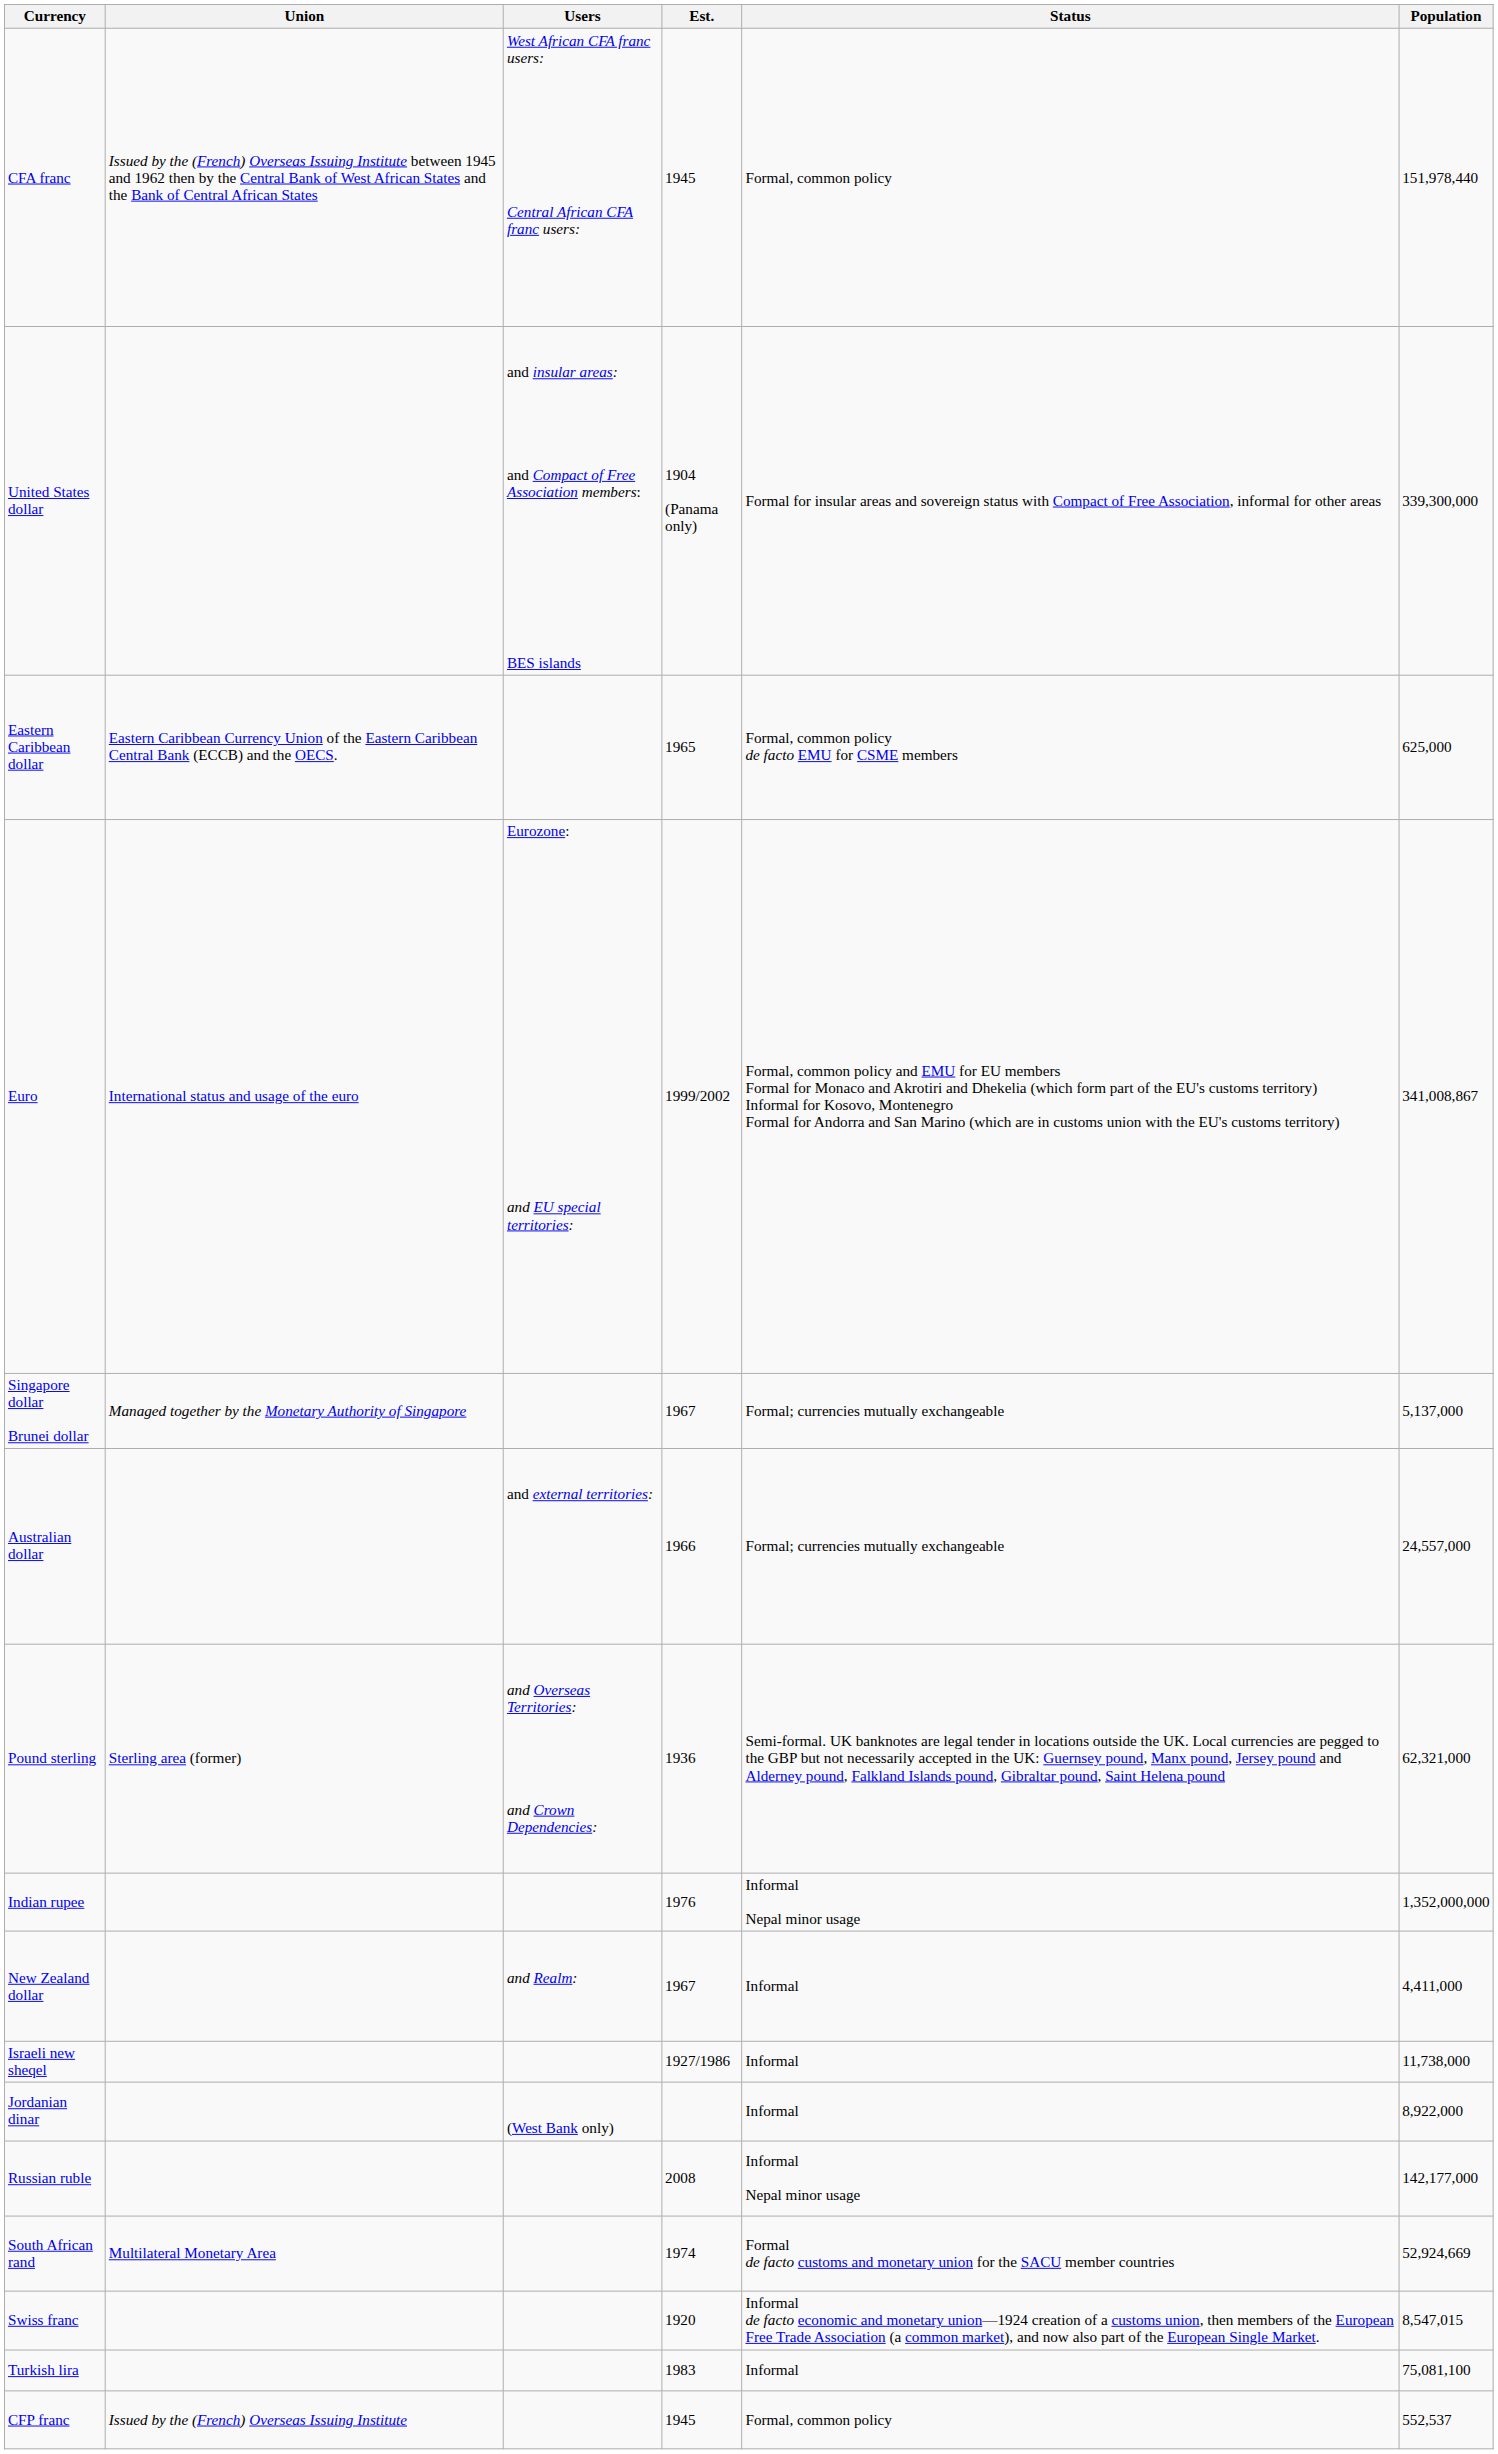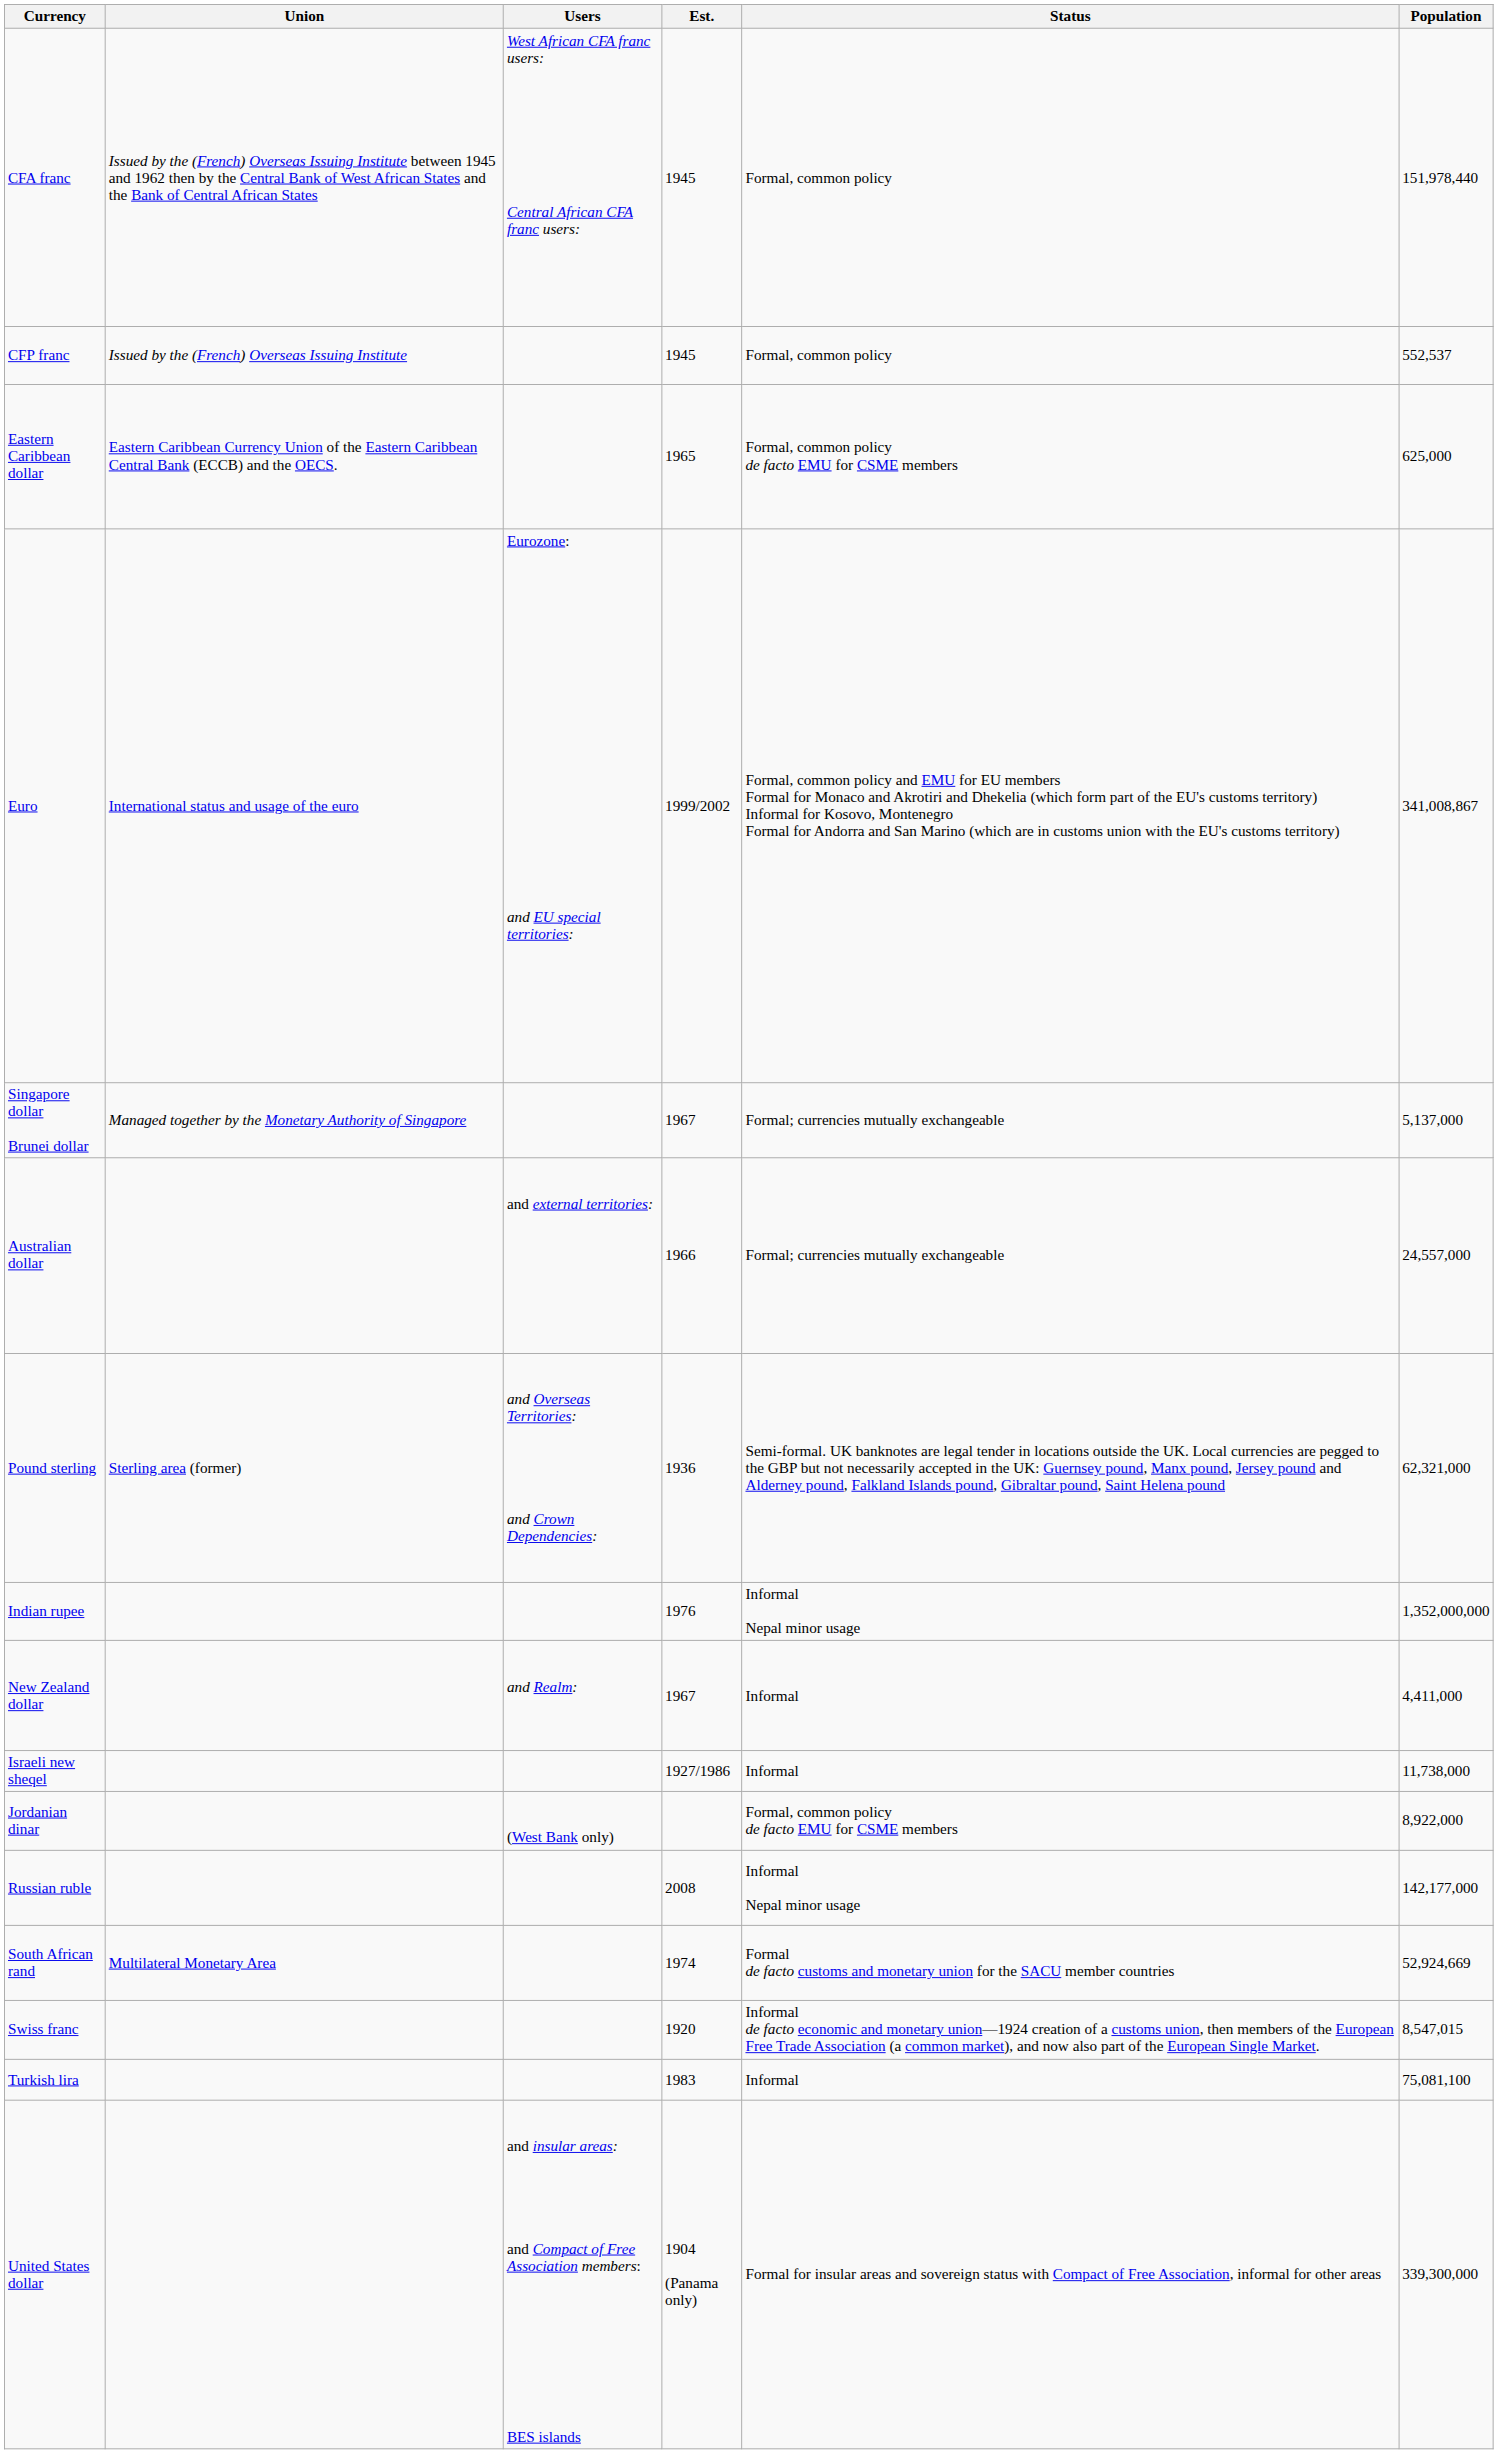 <table class="wikitable sortable">
 <tr>
 <th>Currency</th>
 <th>Union</th>
 <th>Users</th>
 <th>Est.</th>
 <th>Status</th>
 <th data-sort-type=number>Population</th>
 </tr>
 <tr>
 <td><a href='#'>CFA franc</a></td>
 <td><em>Issued by the (<a href='#'>French</a>) <a href='#'>Overseas Issuing Institute</a></em> between 1945 and 1962 then by the <a href='#'>Central Bank of West African States</a> and the <a href='#'>Bank of Central African States</a></td>
 <td><em><a href='#'>West African CFA franc</a> users:</em><br><br><em></em><br> <em></em><br> <em></em><br> <em></em><br> <em></em><br> <em></em><br> <em></em><br> <em></em><em><a href='#'>Central African CFA franc</a> users:</em><br> <em></em><br> <em></em><br> <em></em><br> <em></em><br> <em></em><br> <em></em></td>
 <td>1945</td>
 <td>Formal, common policy</td>
 <td>151,978,440</td>
 </tr>
 <tr>
-<td><a href='#'>United States dollar</a></td>
-<td></td>
-<td><br><br>and <em><a href='#'>insular areas</a>:</em><br> <em></em><br> <em></em><br> <em></em><br> <em></em><br> <em></em><br> <em></em>and <em><a href='#'>Compact of Free Association</a> members</em>:<br> <br> <br> <br><br> <br> <br> <br> <em></em><br> <em></em><br>  <a href='#'>BES islands</a><br></td>
-<td>1904<br><br>(Panama only)</td>
-<td>Formal for insular areas and sovereign status with <a href='#'>Compact of Free Association</a>, informal for other areas</td>
-<td>339,300,000</td>
+<td><a href='#'>CFP franc</a></td>
+<td><em>Issued by the (<a href='#'>French</a>) <a href='#'>Overseas Issuing Institute</a></em></td>
+<td><em></em><br><br><em></em><br> <em></em></td>
+<td>1945</td>
+<td>Formal, common policy</td>
+<td>552,537</td>
 </tr>
 <tr>
 <td><a href='#'>Eastern Caribbean dollar</a></td>
 <td><a href='#'>Eastern Caribbean Currency Union</a> of the <a href='#'>Eastern Caribbean Central Bank</a> (ECCB) and the <a href='#'>OECS</a>.</td>
 <td><em></em><br><br><em></em><br> <em></em><br> <em></em><br> <em></em><br> <em></em><br> <em></em><br> <em></em></td>
 <td>1965</td>
 <td>Formal, common policy<br><em>de facto</em> <a href='#'>EMU</a> for <a href='#'>CSME</a> members</td>
 <td>625,000</td>
 </tr>
 <tr>
 <td><a href='#'>Euro</a></td>
 <td><a href='#'>International status and usage of the euro</a></td>
 <td> <a href='#'>Eurozone</a>:<br><br><br> <br> <br> <br> <br> <br> <br> <br> <br> <br> <br> <br> <br> <br> <br> <br> <br> <br> <br> <br><em>and <a href='#'>EU special territories</a>:</em><br> <em></em><br> <em></em><br> <em></em><em></em><br> <br> <br> <br> <br> <br> </td>
 <td>1999/2002</td>
 <td>Formal, common policy and <a href='#'>EMU</a> for EU members<br>Formal for Monaco and Akrotiri and Dhekelia (which form part of the EU's customs territory)<br>Informal for Kosovo, Montenegro<br>Formal for Andorra and San Marino (which are in customs union with the EU's customs territory)</td>
 <td>341,008,867</td>
 </tr>
 <tr>
 <td><a href='#'>Singapore dollar</a><br><br><a href='#'>Brunei dollar</a></td>
 <td><em>Managed together by the <a href='#'>Monetary Authority of Singapore</a></em></td>
 <td><br><br></td>
 <td>1967</td>
 <td>Formal; currencies mutually exchangeable</td>
 <td>5,137,000</td>
 </tr>
 <tr>
 <td><a href='#'>Australian dollar</a></td>
 <td></td>
 <td><br><br>and <em><a href='#'>external territories</a>:</em><br> <em></em><br> <em></em><br> <em></em><br> <em></em><br> <em></em><br> <em></em><br> <em></em><br> <br> </td>
 <td>1966</td>
 <td>Formal; currencies mutually exchangeable</td>
 <td>24,557,000</td>
 </tr>
 <tr>
 <td><a href='#'>Pound sterling</a></td>
 <td><a href='#'>Sterling area</a> (former)</td>
 <td><br><br><em>and <a href='#'>Overseas Territories</a>:</em><br> <em></em><br> <em></em><br> <em></em><br> <em></em><br> <em></em><br> <em></em><em>and <a href='#'>Crown Dependencies</a>:</em><br> <em></em><br> <em></em><br> <em></em></td>
 <td>1936</td>
 <td>Semi-formal. UK banknotes are legal tender in locations outside the UK.  Local currencies are pegged to the GBP but not necessarily accepted in the UK: <a href='#'>Guernsey pound</a>, <a href='#'>Manx pound</a>, <a href='#'>Jersey pound</a> and <a href='#'>Alderney pound</a>, <a href='#'>Falkland Islands pound</a>, <a href='#'>Gibraltar pound</a>, <a href='#'>Saint Helena pound</a></td>
 <td>62,321,000</td>
 </tr>
 <tr>
 <td><a href='#'>Indian rupee</a></td>
 <td></td>
 <td><br><br><br> </td>
 <td>1976</td>
 <td>Informal<br><br>Nepal minor usage</td>
 <td>1,352,000,000</td>
 </tr>
 <tr>
 <td><a href='#'>New Zealand dollar</a></td>
 <td></td>
 <td><br><br><em>and <a href='#'>Realm</a>:</em><br> <em></em><br> <em></em><br> <em></em><br><em></em></td>
 <td>1967</td>
 <td>Informal</td>
 <td>4,411,000</td>
 </tr>
 <tr>
 <td><a href='#'>Israeli new sheqel</a></td>
 <td></td>
 <td><br><br></td>
 <td>1927/1986</td>
 <td>Informal</td>
 <td>11,738,000</td>
 </tr>
 <tr>
 <td><a href='#'>Jordanian dinar</a></td>
 <td></td>
 <td><br><br> (<a href='#'>West Bank</a> only)</td>
 <td></td>
-<td>Informal</td>
+<td>Formal, common policy<br><em>de facto</em> <a href='#'>EMU</a> for <a href='#'>CSME</a> members</td>
 <td>8,922,000</td>
 </tr>
 <tr>
 <td><a href='#'>Russian ruble</a></td>
 <td></td>
 <td><br><br><br> <br></td>
 <td>2008</td>
 <td>Informal<br><br>Nepal minor usage</td>
 <td>142,177,000</td>
 </tr>
 <tr>
 <td><a href='#'>South African rand</a></td>
 <td><a href='#'>Multilateral Monetary Area</a></td>
 <td><br><br><br> <br> </td>
 <td>1974</td>
 <td>Formal<br><em>de facto</em> <a href='#'>customs and monetary union</a> for the <a href='#'>SACU</a> member countries</td>
 <td>52,924,669</td>
 </tr>
 <tr>
 <td><a href='#'>Swiss franc</a></td>
 <td></td>
 <td><br><br></td>
 <td>1920</td>
 <td>Informal<br><em>de facto</em> <a href='#'>economic and monetary union</a>—1924 creation of a <a href='#'>customs union</a>, then members of the <a href='#'>European Free Trade Association</a> (a <a href='#'>common market</a>), and now also part of the <a href='#'>European Single Market</a>.</td>
 <td>8,547,015</td>
 </tr>
 <tr>
 <td><a href='#'>Turkish lira</a></td>
 <td></td>
 <td><br><br></td>
 <td>1983</td>
 <td>Informal</td>
 <td>75,081,100</td>
 </tr>
 <tr>
-<td><a href='#'>CFP franc</a></td>
-<td><em>Issued by the (<a href='#'>French</a>) <a href='#'>Overseas Issuing Institute</a></em></td>
-<td><em></em><br><br><em></em><br> <em></em></td>
-<td>1945</td>
-<td>Formal, common policy</td>
-<td>552,537</td>
+<td><a href='#'>United States dollar</a></td>
+<td></td>
+<td><br><br>and <em><a href='#'>insular areas</a>:</em><br> <em></em><br> <em></em><br> <em></em><br> <em></em><br> <em></em><br> <em></em>and <em><a href='#'>Compact of Free Association</a> members</em>:<br> <br> <br> <br><br> <br> <br> <br> <em></em><br> <em></em><br>  <a href='#'>BES islands</a><br></td>
+<td>1904<br><br>(Panama only)</td>
+<td>Formal for insular areas and sovereign status with <a href='#'>Compact of Free Association</a>, informal for other areas</td>
+<td>339,300,000</td>
 </tr>
 </table>
